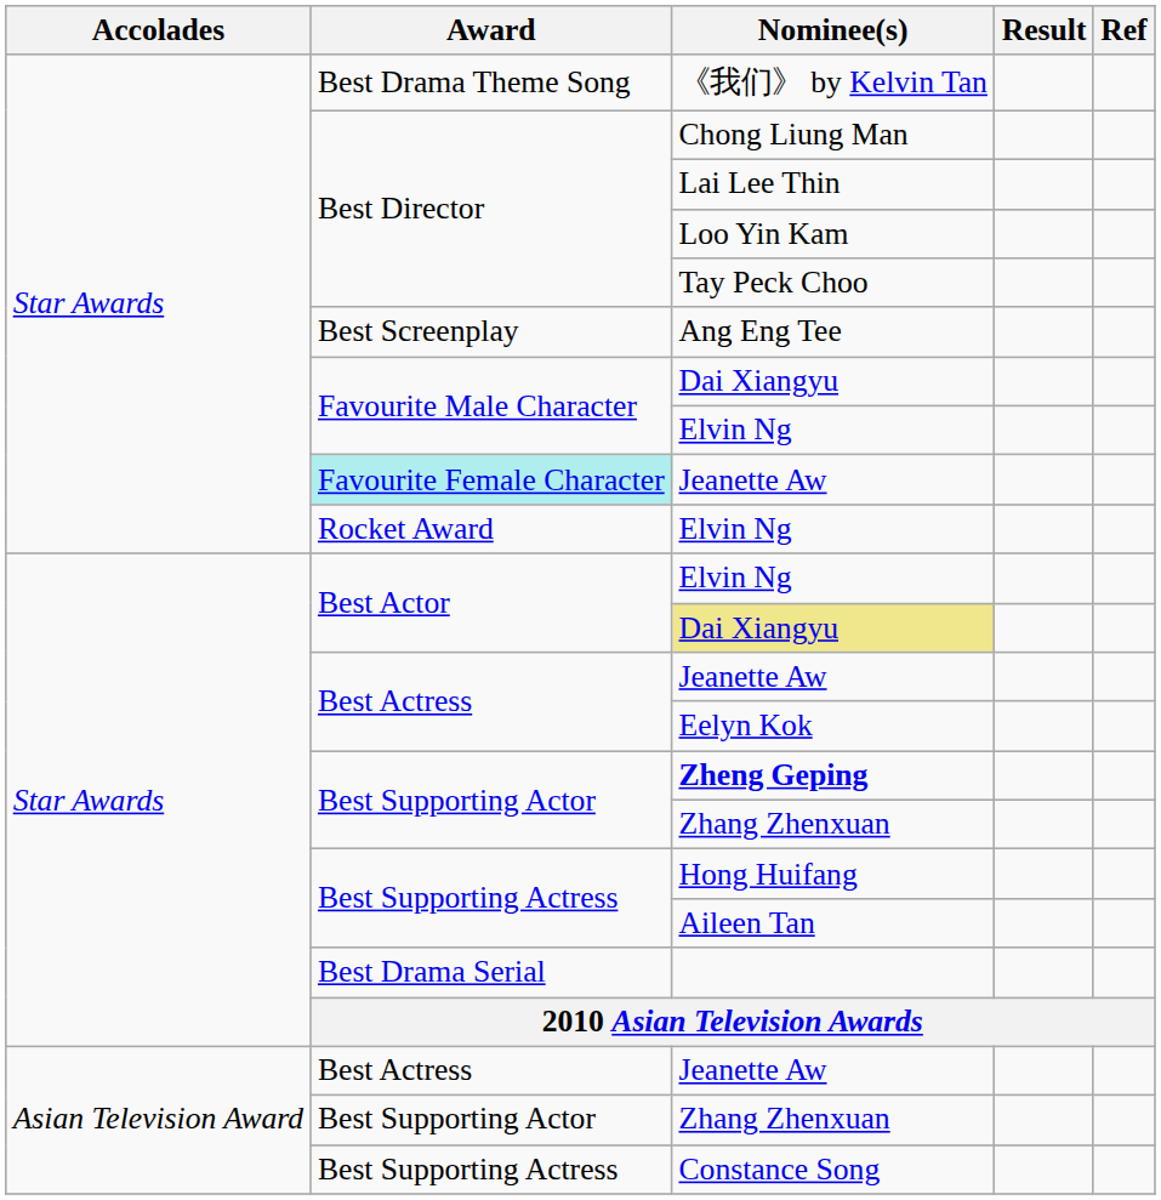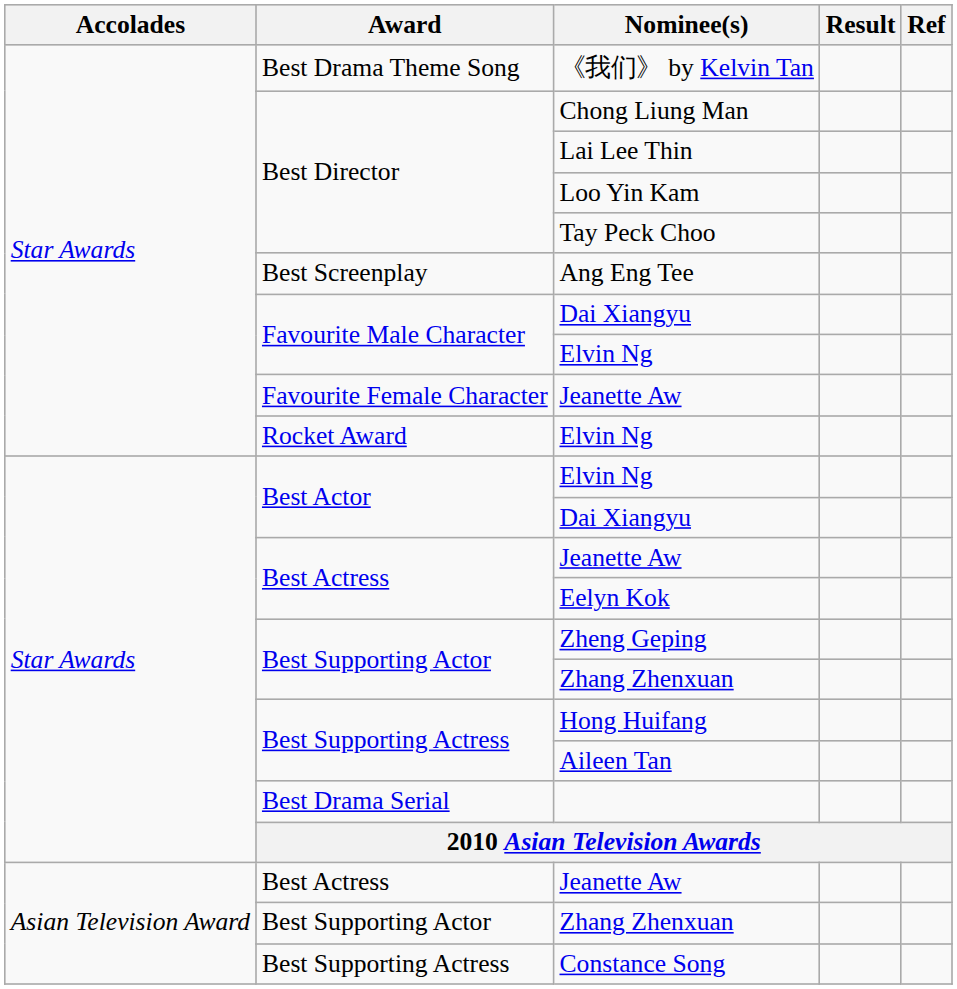 <table class="wikitable">
 <tr>
 <th>Accolades</th>
 <th>Award</th>
 <th>Nominee(s)</th>
 <th>Result</th>
 <th>Ref</th>
 </tr>
 <tr>
 <td rowspan="10"><em><a href='#'>Star Awards</a></em></td>
 <td>Best Drama Theme Song</td>
 <td>《我们》 by <a href='#'>Kelvin Tan</a></td>
 <td></td>
 <td></td>
 </tr>
 <tr>
 <td rowspan="4">Best Director</td>
 <td>Chong Liung Man</td>
 <td></td>
 <td></td>
 </tr>
 <tr>
 <td>Lai Lee Thin</td>
 <td></td>
 <td></td>
 </tr>
 <tr>
 <td>Loo Yin Kam</td>
 <td></td>
 <td></td>
 </tr>
 <tr>
 <td>Tay Peck Choo  </td>
 <td></td>
 <td></td>
 </tr>
 <tr>
 <td>Best Screenplay</td>
 <td>Ang Eng Tee</td>
 <td></td>
 <td></td>
 </tr>
 <tr>
 <td rowspan="2"><a href='#'>Favourite Male Character</a></td>
 <td><a href='#'>Dai Xiangyu</a></td>
 <td></td>
 <td></td>
 </tr>
 <tr>
 <td><a href='#'>Elvin Ng</a></td>
 <td></td>
 <td></td>
 </tr>
 <tr>
-<td style="background: paleturquoise;"><a href='#'>Favourite Female Character</a></td>
+<td><a href='#'>Favourite Female Character</a></td>
 <td><a href='#'>Jeanette Aw</a></td>
 <td></td>
 <td></td>
 </tr>
 <tr>
 <td><a href='#'>Rocket Award</a></td>
 <td><a href='#'>Elvin Ng</a></td>
 <td></td>
 <td></td>
 </tr>
 <tr>
 <td rowspan="10"><em><a href='#'>Star Awards</a></em></td>
 <td rowspan="2"><a href='#'>Best Actor</a></td>
 <td><a href='#'>Elvin Ng</a></td>
 <td></td>
 <td></td>
 </tr>
 <tr>
-<td style="background: khaki;"><a href='#'>Dai Xiangyu</a></td>
+<td><a href='#'>Dai Xiangyu</a></td>
 <td></td>
 <td></td>
 </tr>
 <tr>
 <td rowspan="2"><a href='#'>Best Actress</a></td>
 <td><a href='#'>Jeanette Aw</a></td>
 <td></td>
 <td></td>
 </tr>
 <tr>
 <td><a href='#'>Eelyn Kok</a></td>
 <td></td>
 <td></td>
 </tr>
 <tr>
 <td rowspan="2"><a href='#'>Best Supporting Actor</a></td>
-<td><strong><a href='#'>Zheng Geping</a></strong></td>
+<td><a href='#'>Zheng Geping</a></td>
 <td></td>
 <td></td>
 </tr>
 <tr>
 <td><a href='#'>Zhang Zhenxuan</a></td>
 <td></td>
 <td></td>
 </tr>
 <tr>
 <td rowspan="2"><a href='#'>Best Supporting Actress</a></td>
 <td><a href='#'>Hong Huifang</a></td>
 <td></td>
 <td></td>
 </tr>
 <tr>
 <td><a href='#'>Aileen Tan</a></td>
 <td></td>
 <td></td>
 </tr>
 <tr>
 <td><a href='#'>Best Drama Serial</a></td>
 <td></td>
 <td></td>
 <td></td>
 </tr>
 <tr>
 <th colspan="4">2010 <em><a href='#'>Asian Television Awards</a></em></th>
 </tr>
 <tr>
 <td rowspan="3"><em>Asian Television Award</em></td>
 <td>Best Actress</td>
 <td><a href='#'>Jeanette Aw</a></td>
 <td></td>
 <td></td>
 </tr>
 <tr>
 <td>Best Supporting Actor</td>
 <td><a href='#'>Zhang Zhenxuan</a></td>
 <td></td>
 <td></td>
 </tr>
 <tr>
 <td>Best Supporting Actress</td>
 <td><a href='#'>Constance Song</a></td>
 <td></td>
 <td></td>
 </tr>
 </table>
